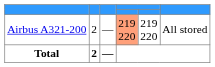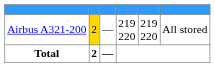 <table class="toccolours" border="1" cellpadding="3" style="margin:1em auto; border-collapse:collapse;text-align:center">
 <tr bgcolor=#2E9AFE>
 <th rowspan="2"></th>
 <th rowspan="2"></th>
 <th rowspan="2"></th>
 <th colspan="2"></th>
 <th rowspan="2"></th>
 </tr>
 <tr bgcolor=#2E9AFE>
 <th><abbr></abbr></th>
 <th></th>
 </tr>
 <tr>
 <td><a href='#'>Airbus A321-200</a></td>
-<td>2</td>
+<td style="background: gold;">2</td>
 <td>—</td>
-<td style="background: lightsalmon;">219 <br>220</td>
+<td>219 <br>220</td>
 <td>219 <br>220</td>
 <td>All stored</td>
 </tr>
 <tr>
 <th>Total</th>
 <th>2</th>
 <th>—</th>
 <th colspan="3"></th>
 </tr>
 </table>
